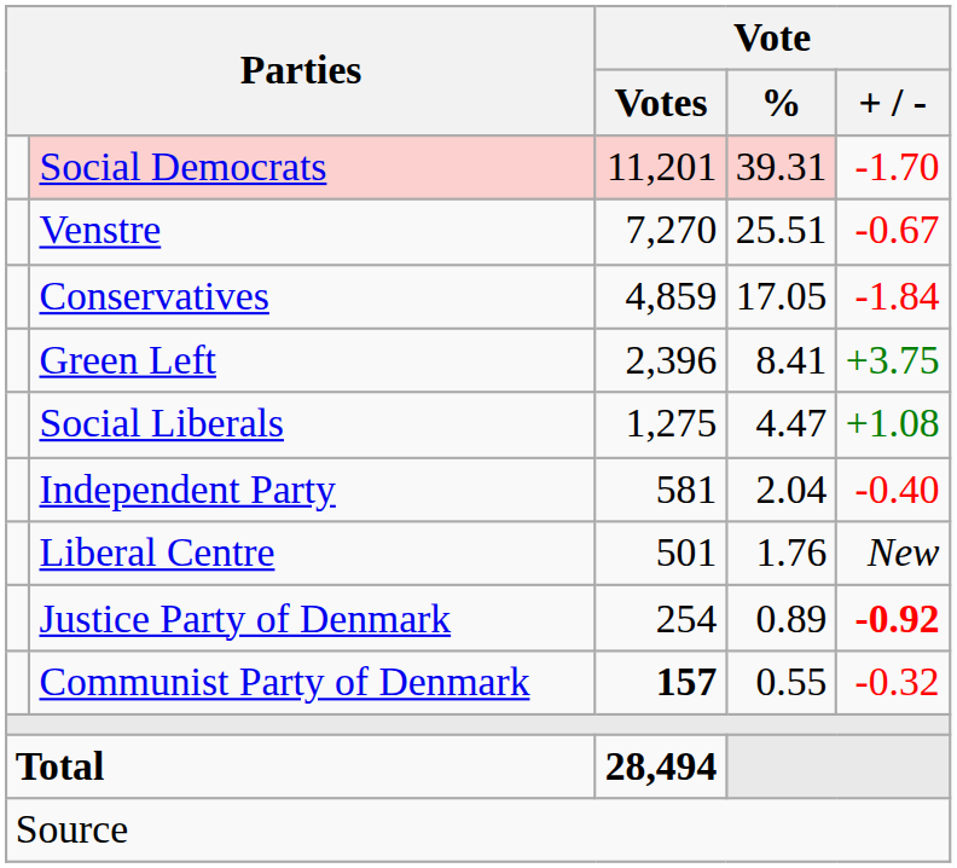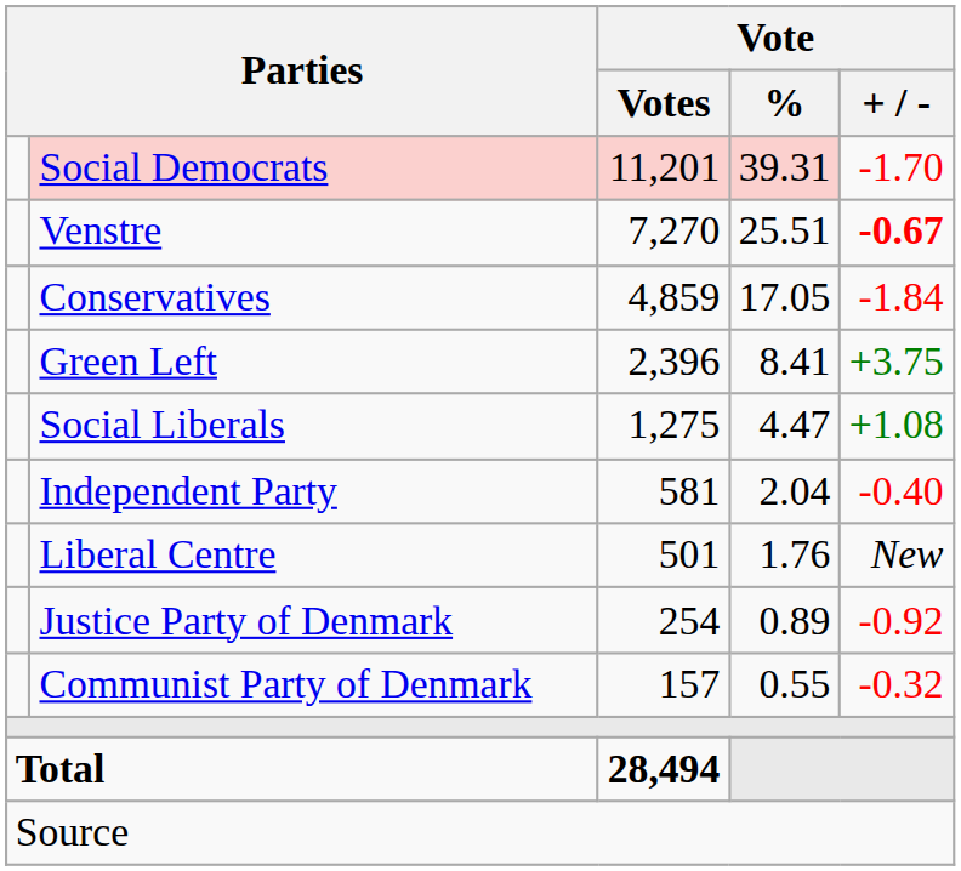 <table class="wikitable" style="text-align:right;">
 <tr>
 <th style="text-align:centre;" rowspan="2" colspan="2" width="225">Parties</th>
 <th colspan="3">Vote</th>
 </tr>
 <tr>
 <th width="15">Votes</th>
 <th width="15">%</th>
 <th width="15">+ / -</th>
 </tr>
 <tr>
 <td width="2" style="color:inherit;background:"></td>
 <td bgcolor=#fbd0ce  align="left"><a href='#'>Social Democrats</a></td>
 <td bgcolor=#fbd0ce>11,201</td>
 <td bgcolor=#fbd0ce>39.31</td>
 <td style=color:red;>-1.70</td>
 </tr>
 <tr>
 <td width="2" style="color:inherit;background:"></td>
 <td align="left"><a href='#'>Venstre</a></td>
 <td>7,270</td>
 <td>25.51</td>
-<td style=color:red;>-0.67</td>
+<td style=color:red;><strong>-0.67</strong></td>
 </tr>
 <tr>
 <td width="2" style="color:inherit;background:"></td>
 <td align="left"><a href='#'>Conservatives</a></td>
 <td>4,859</td>
 <td>17.05</td>
 <td style=color:red;>-1.84</td>
 </tr>
 <tr>
 <td width="2" style="color:inherit;background:"></td>
 <td align="left"><a href='#'>Green Left</a></td>
 <td>2,396</td>
 <td>8.41</td>
 <td style=color:green;>+3.75</td>
 </tr>
 <tr>
 <td width="2" style="color:inherit;background:"></td>
 <td align="left"><a href='#'>Social Liberals</a></td>
 <td>1,275</td>
 <td>4.47</td>
 <td style=color:green;>+1.08</td>
 </tr>
 <tr>
 <td width="2" style="color:inherit;background:"></td>
 <td align="left"><a href='#'>Independent Party</a></td>
 <td>581</td>
 <td>2.04</td>
 <td style=color:red;>-0.40</td>
 </tr>
 <tr>
 <td width="2" style="color:inherit;background:"></td>
 <td align="left"><a href='#'>Liberal Centre</a></td>
 <td>501</td>
 <td>1.76</td>
 <td><em>New</em></td>
 </tr>
 <tr>
 <td width="2" style="color:inherit;background:"></td>
 <td align="left"><a href='#'>Justice Party of Denmark</a></td>
 <td>254</td>
 <td>0.89</td>
-<td style=color:red;><strong>-0.92</strong></td>
+<td style=color:red;>-0.92</td>
 </tr>
 <tr>
 <td width="2" style="color:inherit;background:"></td>
 <td align="left"><a href='#'>Communist Party of Denmark</a></td>
-<td><strong>157</strong></td>
+<td>157</td>
 <td>0.55</td>
 <td style=color:red;>-0.32</td>
 </tr>
 <tr>
 <td colspan="7" bgcolor="#E9E9E9"></td>
 </tr>
 <tr>
 <td align="left" colspan="2"><strong>Total</strong></td>
 <td><strong>28,494</strong></td>
 <td bgcolor="#E9E9E9" colspan="2"></td>
 </tr>
 <tr>
 <td align="left" colspan="6">Source</td>
 </tr>
 </table>
